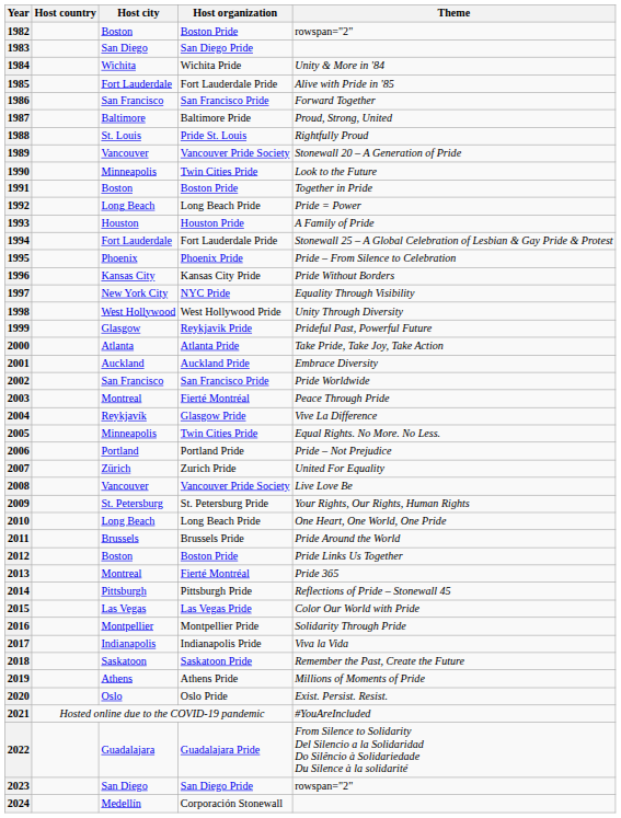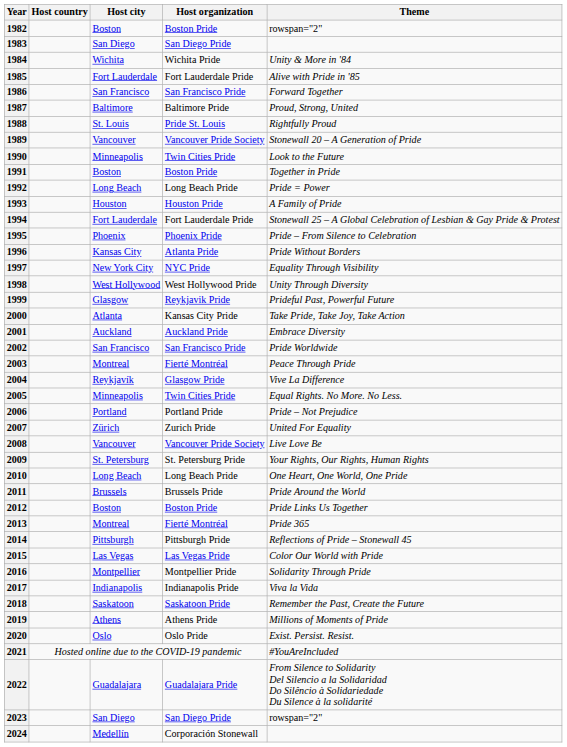 <table class="wikitable sortable" style="margin: 1em auto 1em auto;">
 <tr>
 <th>Year</th>
 <th>Host country</th>
 <th>Host city</th>
 <th>Host organization</th>
 <th>Theme</th>
 </tr>
 <tr>
 <th>1982</th>
 <td></td>
 <td><a href='#'>Boston</a></td>
 <td><a href='#'>Boston Pride</a></td>
 <td>rowspan="2" </td>
 </tr>
 <tr>
 <th>1983</th>
 <td></td>
 <td><a href='#'>San Diego</a></td>
 <td><a href='#'>San Diego Pride</a></td>
 </tr>
 <tr>
 <th>1984</th>
 <td></td>
 <td><a href='#'>Wichita</a></td>
 <td>Wichita Pride</td>
 <td><em>Unity & More in '84</em></td>
 </tr>
 <tr>
 <th>1985</th>
 <td></td>
 <td><a href='#'>Fort Lauderdale</a></td>
 <td>Fort Lauderdale Pride</td>
 <td><em>Alive with Pride in '85</em></td>
 </tr>
 <tr>
 <th>1986</th>
 <td></td>
 <td><a href='#'>San Francisco</a></td>
 <td><a href='#'>San Francisco Pride</a></td>
 <td><em>Forward Together</em></td>
 </tr>
 <tr>
 <th>1987</th>
 <td></td>
 <td><a href='#'>Baltimore</a></td>
 <td>Baltimore Pride</td>
 <td><em>Proud, Strong, United</em></td>
 </tr>
 <tr>
 <th>1988</th>
 <td></td>
 <td><a href='#'>St. Louis</a></td>
 <td><a href='#'>Pride St. Louis</a></td>
 <td><em>Rightfully Proud</em></td>
 </tr>
 <tr>
 <th>1989</th>
 <td></td>
 <td><a href='#'>Vancouver</a></td>
 <td><a href='#'>Vancouver Pride Society</a></td>
 <td><em>Stonewall 20 – A Generation of Pride</em></td>
 </tr>
 <tr>
 <th>1990</th>
 <td></td>
 <td><a href='#'>Minneapolis</a></td>
 <td><a href='#'>Twin Cities Pride</a></td>
 <td><em>Look to the Future</em></td>
 </tr>
 <tr>
 <th>1991</th>
 <td></td>
 <td><a href='#'>Boston</a></td>
 <td><a href='#'>Boston Pride</a></td>
 <td><em>Together in Pride</em></td>
 </tr>
 <tr>
 <th>1992</th>
 <td></td>
 <td><a href='#'>Long Beach</a></td>
 <td>Long Beach Pride</td>
 <td><em>Pride = Power</em></td>
 </tr>
 <tr>
 <th>1993</th>
 <td></td>
 <td><a href='#'>Houston</a></td>
 <td><a href='#'>Houston Pride</a></td>
 <td><em>A Family of Pride</em></td>
 </tr>
 <tr>
 <th>1994</th>
 <td></td>
 <td><a href='#'>Fort Lauderdale</a></td>
 <td>Fort Lauderdale Pride</td>
 <td><em>Stonewall 25 – A Global Celebration of Lesbian & Gay Pride & Protest</em></td>
 </tr>
 <tr>
 <th>1995</th>
 <td></td>
 <td><a href='#'>Phoenix</a></td>
 <td><a href='#'>Phoenix Pride</a></td>
 <td><em>Pride – From Silence to Celebration</em></td>
 </tr>
 <tr>
 <th>1996</th>
 <td></td>
 <td><a href='#'>Kansas City</a></td>
-<td>Kansas City Pride</td>
+<td><a href='#'>Atlanta Pride</a></td>
 <td><em>Pride Without Borders</em></td>
 </tr>
 <tr>
 <th>1997</th>
 <td></td>
 <td><a href='#'>New York City</a></td>
 <td><a href='#'>NYC Pride</a></td>
 <td><em>Equality Through Visibility</em></td>
 </tr>
 <tr>
 <th>1998</th>
 <td></td>
 <td><a href='#'>West Hollywood</a></td>
 <td>West Hollywood Pride</td>
 <td><em>Unity Through Diversity</em></td>
 </tr>
 <tr>
 <th>1999</th>
 <td></td>
 <td><a href='#'>Glasgow</a></td>
 <td><a href='#'>Reykjavik Pride</a></td>
 <td><em>Prideful Past, Powerful Future</em></td>
 </tr>
 <tr>
 <th>2000</th>
 <td></td>
 <td><a href='#'>Atlanta</a></td>
-<td><a href='#'>Atlanta Pride</a></td>
+<td>Kansas City Pride</td>
 <td><em>Take Pride, Take Joy, Take Action</em></td>
 </tr>
 <tr>
 <th>2001</th>
 <td></td>
 <td><a href='#'>Auckland</a></td>
 <td><a href='#'>Auckland Pride</a></td>
 <td><em>Embrace Diversity</em></td>
 </tr>
 <tr>
 <th>2002</th>
 <td></td>
 <td><a href='#'>San Francisco</a></td>
 <td><a href='#'>San Francisco Pride</a></td>
 <td><em>Pride Worldwide</em></td>
 </tr>
 <tr>
 <th>2003</th>
 <td></td>
 <td><a href='#'>Montreal</a></td>
 <td><a href='#'>Fierté Montréal</a></td>
 <td><em>Peace Through Pride</em></td>
 </tr>
 <tr>
 <th>2004</th>
 <td></td>
 <td><a href='#'>Reykjavík</a></td>
 <td><a href='#'>Glasgow Pride</a></td>
 <td><em>Vive La Difference</em></td>
 </tr>
 <tr>
 <th>2005</th>
 <td></td>
 <td><a href='#'>Minneapolis</a></td>
 <td><a href='#'>Twin Cities Pride</a></td>
 <td><em>Equal Rights. No More. No Less.</em></td>
 </tr>
 <tr>
 <th>2006</th>
 <td></td>
 <td><a href='#'>Portland</a></td>
 <td>Portland Pride</td>
 <td><em>Pride – Not Prejudice</em></td>
 </tr>
 <tr>
 <th>2007</th>
 <td></td>
 <td><a href='#'>Zürich</a></td>
 <td>Zurich Pride</td>
 <td><em>United For Equality</em></td>
 </tr>
 <tr>
 <th>2008</th>
 <td></td>
 <td><a href='#'>Vancouver</a></td>
 <td><a href='#'>Vancouver Pride Society</a></td>
 <td><em>Live Love Be</em></td>
 </tr>
 <tr>
 <th>2009</th>
 <td></td>
 <td><a href='#'>St. Petersburg</a></td>
 <td>St. Petersburg Pride</td>
 <td><em>Your Rights, Our Rights, Human Rights</em></td>
 </tr>
 <tr>
 <th>2010</th>
 <td></td>
 <td><a href='#'>Long Beach</a></td>
 <td>Long Beach Pride</td>
 <td><em>One Heart, One World, One Pride</em></td>
 </tr>
 <tr>
 <th>2011</th>
 <td></td>
 <td><a href='#'>Brussels</a></td>
 <td>Brussels Pride</td>
 <td><em>Pride Around the World</em></td>
 </tr>
 <tr>
 <th>2012</th>
 <td></td>
 <td><a href='#'>Boston</a></td>
 <td><a href='#'>Boston Pride</a></td>
 <td><em>Pride Links Us Together</em></td>
 </tr>
 <tr>
 <th>2013</th>
 <td></td>
 <td><a href='#'>Montreal</a></td>
 <td><a href='#'>Fierté Montréal</a></td>
 <td><em>Pride 365</em></td>
 </tr>
 <tr>
 <th>2014</th>
 <td></td>
 <td><a href='#'>Pittsburgh</a></td>
 <td>Pittsburgh Pride</td>
 <td><em>Reflections of Pride – Stonewall 45</em></td>
 </tr>
 <tr>
 <th>2015</th>
 <td></td>
 <td><a href='#'>Las Vegas</a></td>
 <td><a href='#'>Las Vegas Pride</a></td>
 <td><em>Color Our World with Pride</em></td>
 </tr>
 <tr>
 <th>2016</th>
 <td></td>
 <td><a href='#'>Montpellier</a></td>
 <td>Montpellier Pride</td>
 <td><em>Solidarity Through Pride</em></td>
 </tr>
 <tr>
 <th>2017</th>
 <td></td>
 <td><a href='#'>Indianapolis</a></td>
 <td>Indianapolis Pride</td>
 <td><em>Viva la Vida</em></td>
 </tr>
 <tr>
 <th>2018</th>
 <td></td>
 <td><a href='#'>Saskatoon</a></td>
 <td><a href='#'>Saskatoon Pride</a></td>
 <td><em>Remember the Past, Create the Future</em></td>
 </tr>
 <tr>
 <th>2019</th>
 <td></td>
 <td><a href='#'>Athens</a></td>
 <td>Athens Pride</td>
 <td><em>Millions of Moments of Pride</em></td>
 </tr>
 <tr>
 <th>2020</th>
 <td></td>
 <td><a href='#'>Oslo</a></td>
 <td>Oslo Pride</td>
 <td><em>Exist. Persist. Resist.</em></td>
 </tr>
 <tr>
 <th>2021</th>
 <td colspan="3" align="center"><em>Hosted online due to the COVID-19 pandemic</em></td>
 <td><em>#YouAreIncluded</em></td>
 </tr>
 <tr>
 <th>2022</th>
 <td></td>
 <td><a href='#'>Guadalajara</a></td>
 <td><a href='#'>Guadalajara Pride</a></td>
 <td><em>From Silence to Solidarity</em> <br><em>Del Silencio a la Solidaridad</em> <br><em>Do Silêncio à Solidariedade</em> <br><em>Du Silence à la solidarité</em> </td>
 </tr>
 <tr>
 <th>2023</th>
 <td></td>
 <td><a href='#'>San Diego</a></td>
 <td><a href='#'>San Diego Pride</a></td>
 <td>rowspan="2" </td>
 </tr>
 <tr>
 <th>2024</th>
 <td></td>
 <td><a href='#'>Medellín</a></td>
 <td>Corporación Stonewall</td>
 </tr>
 </table>
